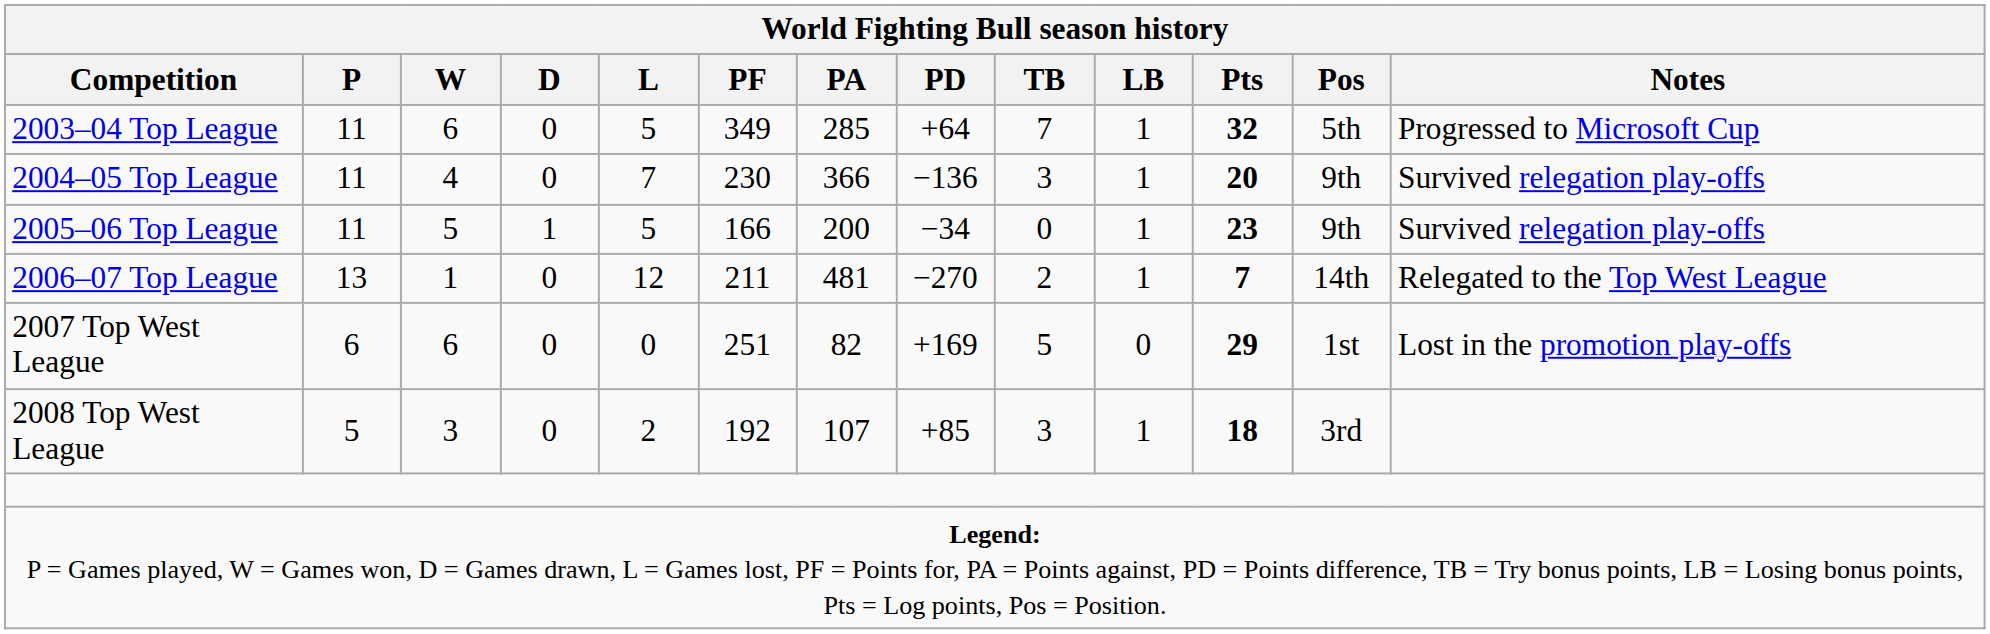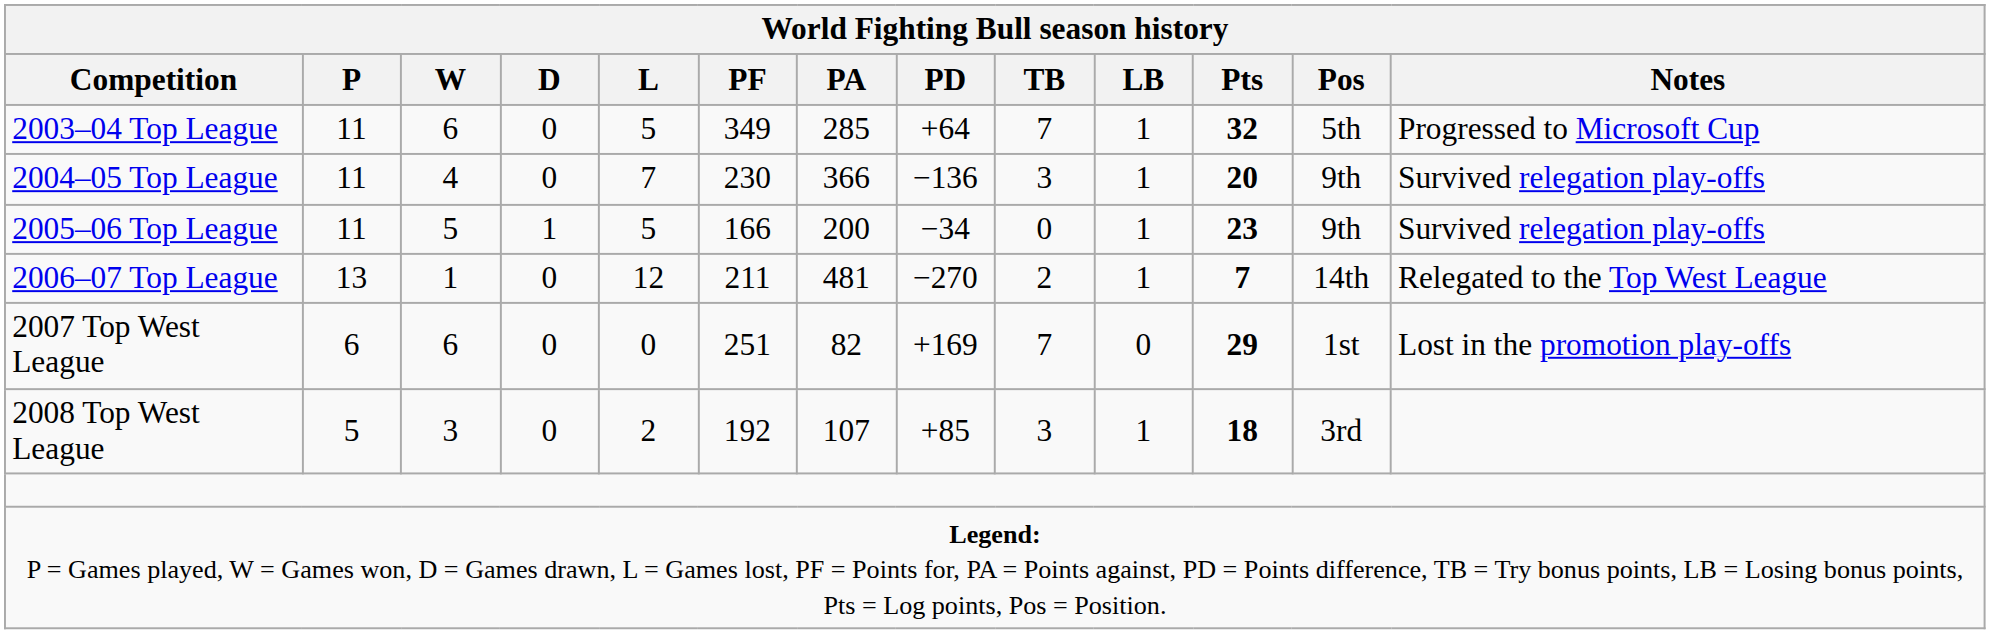 <table class="wikitable" style="text-align:center; font-size:100%; width:80%;">
 <tr>
 <th colspan="100%" cellpadding="0" cellspacing="0"><strong>World Fighting Bull season history</strong></th>
 </tr>
 <tr>
 <th style="width:15%;">Competition</th>
 <th style="width:5%;">P</th>
 <th style="width:5%;">W</th>
 <th style="width:5%;">D</th>
 <th style="width:5%;">L</th>
 <th style="width:5%;">PF</th>
 <th style="width:5%;">PA</th>
 <th style="width:5%;">PD</th>
 <th style="width:5%;">TB</th>
 <th style="width:5%;">LB</th>
 <th style="width:5%;">Pts</th>
 <th style="width:5%;">Pos</th>
 <th style="width:30%;">Notes<br></th>
 </tr>
 <tr>
 <td style="text-align:left;"><a href='#'>2003–04 Top League</a></td>
 <td>11</td>
 <td>6</td>
 <td>0</td>
 <td>5</td>
 <td>349</td>
 <td>285</td>
 <td>+64</td>
 <td>7</td>
 <td>1</td>
 <td><strong>32</strong></td>
 <td>5th</td>
 <td style="text-align:left;">Progressed to <a href='#'>Microsoft Cup</a></td>
 </tr>
 <tr>
 <td style="text-align:left;"><a href='#'>2004–05 Top League</a></td>
 <td>11</td>
 <td>4</td>
 <td>0</td>
 <td>7</td>
 <td>230</td>
 <td>366</td>
 <td>−136</td>
 <td>3</td>
 <td>1</td>
 <td><strong>20</strong></td>
 <td>9th</td>
 <td style="text-align:left;">Survived <a href='#'>relegation play-offs</a></td>
 </tr>
 <tr>
 <td style="text-align:left;"><a href='#'>2005–06 Top League</a></td>
 <td>11</td>
 <td>5</td>
 <td>1</td>
 <td>5</td>
 <td>166</td>
 <td>200</td>
 <td>−34</td>
 <td>0</td>
 <td>1</td>
 <td><strong>23</strong></td>
 <td>9th</td>
 <td style="text-align:left;">Survived <a href='#'>relegation play-offs</a></td>
 </tr>
 <tr>
 <td style="text-align:left;"><a href='#'>2006–07 Top League</a></td>
 <td>13</td>
 <td>1</td>
 <td>0</td>
 <td>12</td>
 <td>211</td>
 <td>481</td>
 <td>−270</td>
 <td>2</td>
 <td>1</td>
 <td><strong>7</strong></td>
 <td>14th</td>
 <td style="text-align:left;">Relegated to the <a href='#'>Top West League</a></td>
 </tr>
 <tr>
 <td style="text-align:left;">2007 Top West League</td>
 <td>6</td>
 <td>6</td>
 <td>0</td>
 <td>0</td>
 <td>251</td>
 <td>82</td>
 <td>+169</td>
-<td>5</td>
+<td>7</td>
 <td>0</td>
 <td><strong>29</strong></td>
 <td>1st</td>
 <td style="text-align:left;">Lost in the <a href='#'>promotion play-offs</a></td>
 </tr>
 <tr>
 <td style="text-align:left;">2008 Top West League</td>
 <td>5</td>
 <td>3</td>
 <td>0</td>
 <td>2</td>
 <td>192</td>
 <td>107</td>
 <td>+85</td>
 <td>3</td>
 <td>1</td>
 <td><strong>18</strong></td>
 <td>3rd</td>
 <td></td>
 </tr>
 <tr>
 <td colspan="100%" style="height:10px;"></td>
 </tr>
 <tr>
 <td colspan="100%"><small><strong>Legend:</strong> <br> P = Games played, W = Games won, D = Games drawn, L = Games lost, PF = Points for, PA = Points against, PD = Points difference, TB = Try bonus points, LB = Losing bonus points, Pts = Log points, Pos = Position.</small></td>
 </tr>
 </table>
